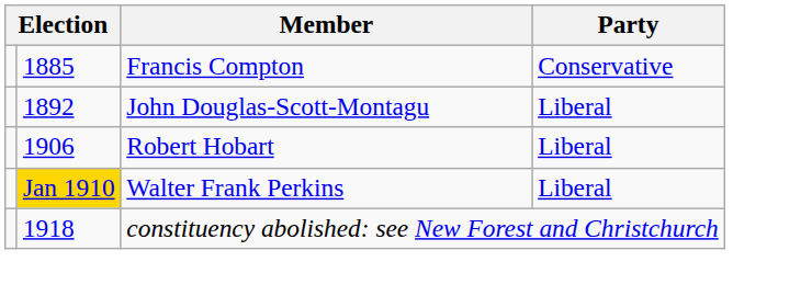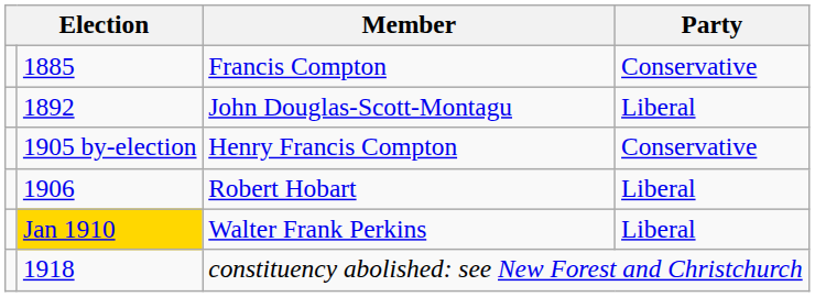 <table class="wikitable">
 <tr>
 <th colspan="2">Election</th>
 <th>Member</th>
 <th>Party</th>
 </tr>
 <tr>
 <td style="color:inherit;background-color: "></td>
 <td><a href='#'>1885</a></td>
 <td><a href='#'>Francis Compton</a></td>
 <td><a href='#'>Conservative</a></td>
 </tr>
 <tr>
 <td style="color:inherit;background-color: "></td>
 <td><a href='#'>1892</a></td>
 <td><a href='#'>John Douglas-Scott-Montagu</a></td>
 <td><a href='#'>Liberal</a></td>
 </tr>
 <tr>
 <td style="color:inherit;background-color: "></td>
+<td><a href='#'>1905 by-election</a></td>
+<td><a href='#'>Henry Francis Compton</a></td>
+<td><a href='#'>Conservative</a></td>
+</tr>
+<tr>
+<td style="color:inherit;background-color: "></td>
 <td><a href='#'>1906</a></td>
 <td><a href='#'>Robert Hobart</a></td>
 <td><a href='#'>Liberal</a></td>
 </tr>
 <tr>
 <td style="color:inherit;background-color: "></td>
 <td style="background: gold;"><a href='#'>Jan 1910</a></td>
 <td><a href='#'>Walter Frank Perkins</a></td>
 <td><a href='#'>Liberal</a></td>
 </tr>
 <tr>
 <td></td>
 <td><a href='#'>1918</a></td>
 <td colspan="2"><em>constituency abolished: see <a href='#'>New Forest and Christchurch</a></em></td>
 </tr>
 </table>
